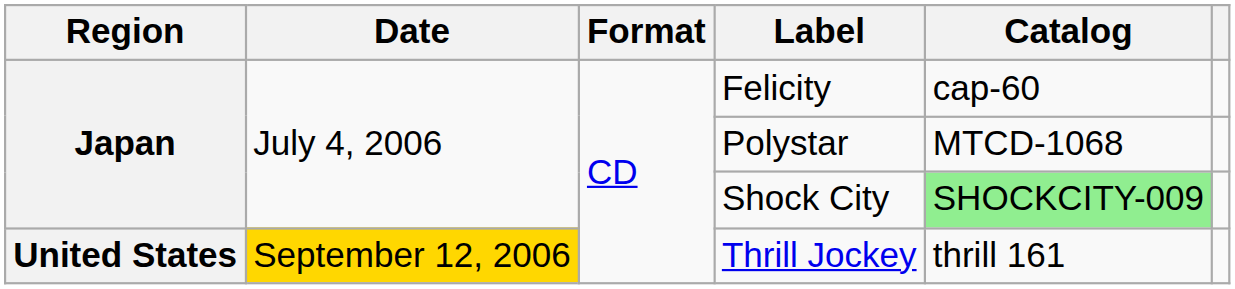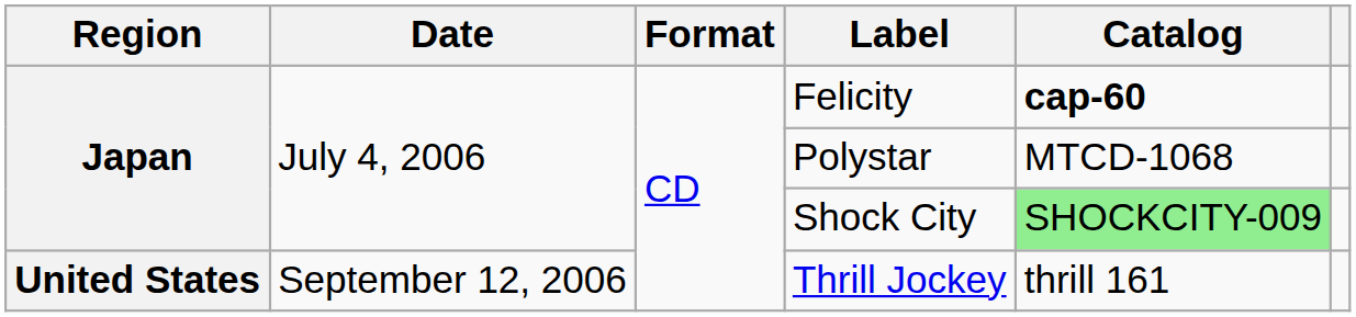 <table class="wikitable plainrowheaders">
 <tr>
 <th scope="col">Region</th>
 <th scope="col">Date</th>
 <th scope="col">Format</th>
 <th scope="col">Label</th>
 <th scope="col">Catalog </th>
 <th scope="col"></th>
 </tr>
 <tr>
 <th scope="row" rowspan="3">Japan</th>
 <td rowspan="3">July 4, 2006</td>
 <td rowspan="4"><a href='#'>CD</a></td>
 <td>Felicity</td>
-<td>cap-60</td>
+<td><strong>cap-60</strong></td>
 <td style="text-align:center;"></td>
 </tr>
 <tr>
 <td>Polystar</td>
 <td>MTCD-1068</td>
 <td style="text-align:center;"></td>
 </tr>
 <tr>
 <td>Shock City</td>
 <td style="background: lightgreen;">SHOCKCITY-009</td>
 <td style="text-align:center;"></td>
 </tr>
 <tr>
 <th scope="row">United States</th>
-<td style="background: gold;">September 12, 2006</td>
+<td>September 12, 2006</td>
 <td><a href='#'>Thrill Jockey</a></td>
 <td>thrill 161</td>
 <td style="text-align:center;"></td>
 </tr>
 </table>
